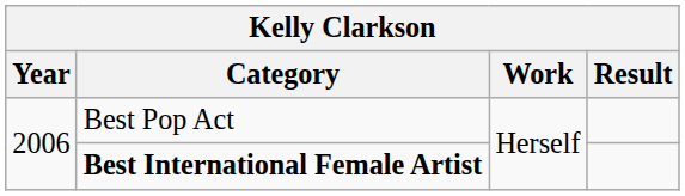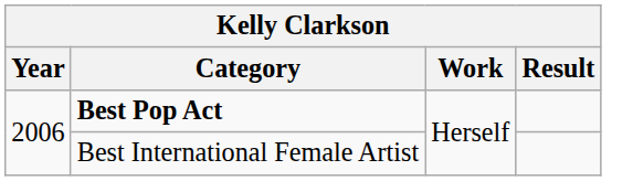 <table class="wikitable">
 <tr>
 <th colspan="4">Kelly Clarkson</th>
 </tr>
 <tr>
 <th>Year</th>
 <th>Category</th>
 <th>Work</th>
 <th>Result</th>
 </tr>
 <tr>
 <td rowspan=2>2006</td>
-<td>Best Pop Act</td>
+<td><strong>Best Pop Act</strong></td>
 <td rowspan=2>Herself</td>
 <td></td>
 </tr>
 <tr>
-<td><strong>Best International Female Artist</strong></td>
+<td>Best International Female Artist</td>
 <td></td>
 </tr>
 </table>
